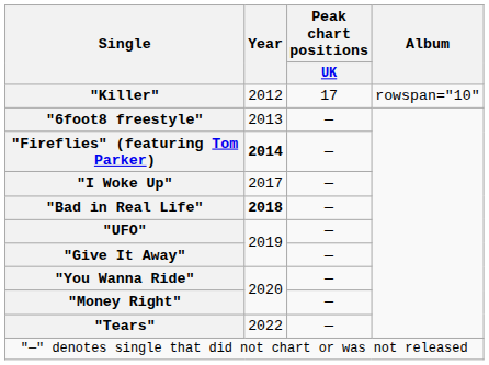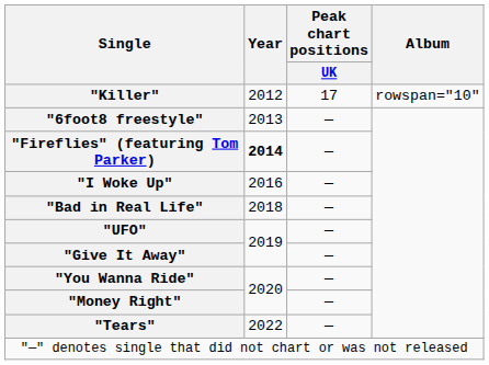 <table class="wikitable plainrowheaders" style="text-align:center;" border="1">
 <tr>
 <th scope="colw" rowspan="2" style="width:16em;">Single</th>
 <th scope="col" rowspan="2">Year</th>
 <th scope="col" colspan="1">Peak chart positions</th>
 <th scope="col" rowspan="2">Album</th>
 </tr>
 <tr>
 <th scope="col" style="width:3em;font-size:90%;"><a href='#'>UK</a><br></th>
 </tr>
 <tr>
 <th scope="row">"Killer"</th>
 <td>2012</td>
 <td>17</td>
 <td>rowspan="10" </td>
 </tr>
 <tr>
 <th scope="row">"6foot8 freestyle"</th>
 <td>2013</td>
 <td>—</td>
 </tr>
 <tr>
 <th scope="row">"Fireflies" (featuring <a href='#'>Tom Parker</a>)</th>
 <td><strong>2014</strong></td>
 <td>—</td>
 </tr>
 <tr>
 <th scope="row">"I Woke Up"</th>
-<td>2017</td>
+<td>2016</td>
 <td>—</td>
 </tr>
 <tr>
 <th scope="row">"Bad in Real Life"</th>
-<td><strong>2018</strong></td>
+<td>2018</td>
 <td>—</td>
 </tr>
 <tr>
 <th scope="row">"UFO"</th>
 <td rowspan="2">2019</td>
 <td>—</td>
 </tr>
 <tr>
 <th scope="row">"Give It Away"</th>
 <td>—</td>
 </tr>
 <tr>
 <th scope="row">"You Wanna Ride"</th>
 <td rowspan="2">2020</td>
 <td>—</td>
 </tr>
 <tr>
 <th scope="row">"Money Right"</th>
 <td>—</td>
 </tr>
 <tr>
 <th scope="row">"Tears"</th>
 <td>2022</td>
 <td>—</td>
 </tr>
 <tr>
 <td colspan="13" style="font-size:90%">"—" denotes single that did not chart or was not released</td>
 </tr>
 </table>
